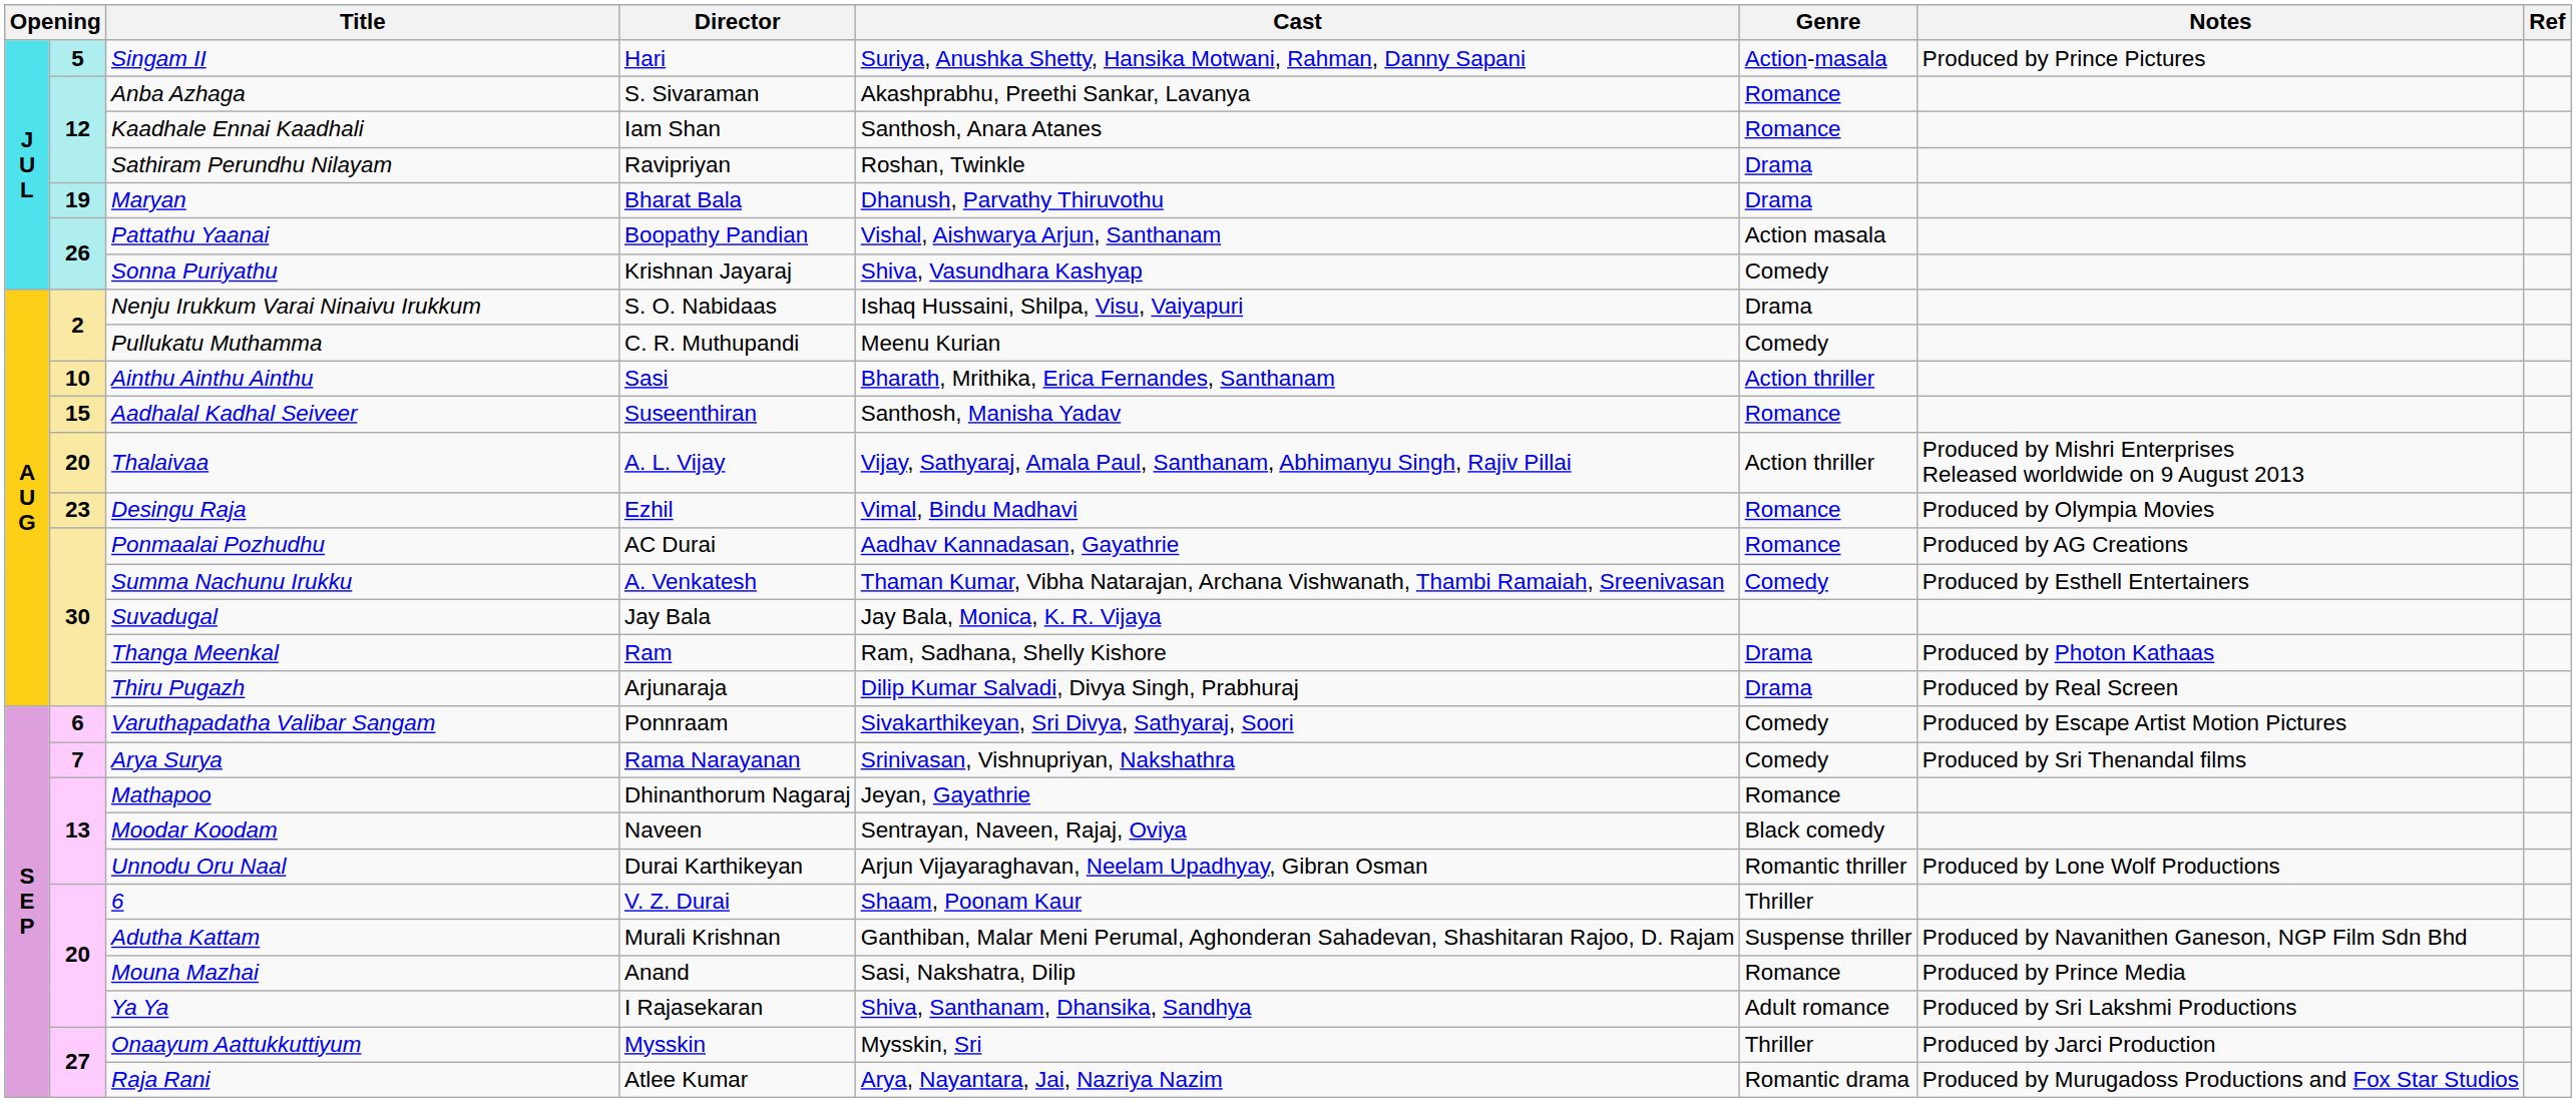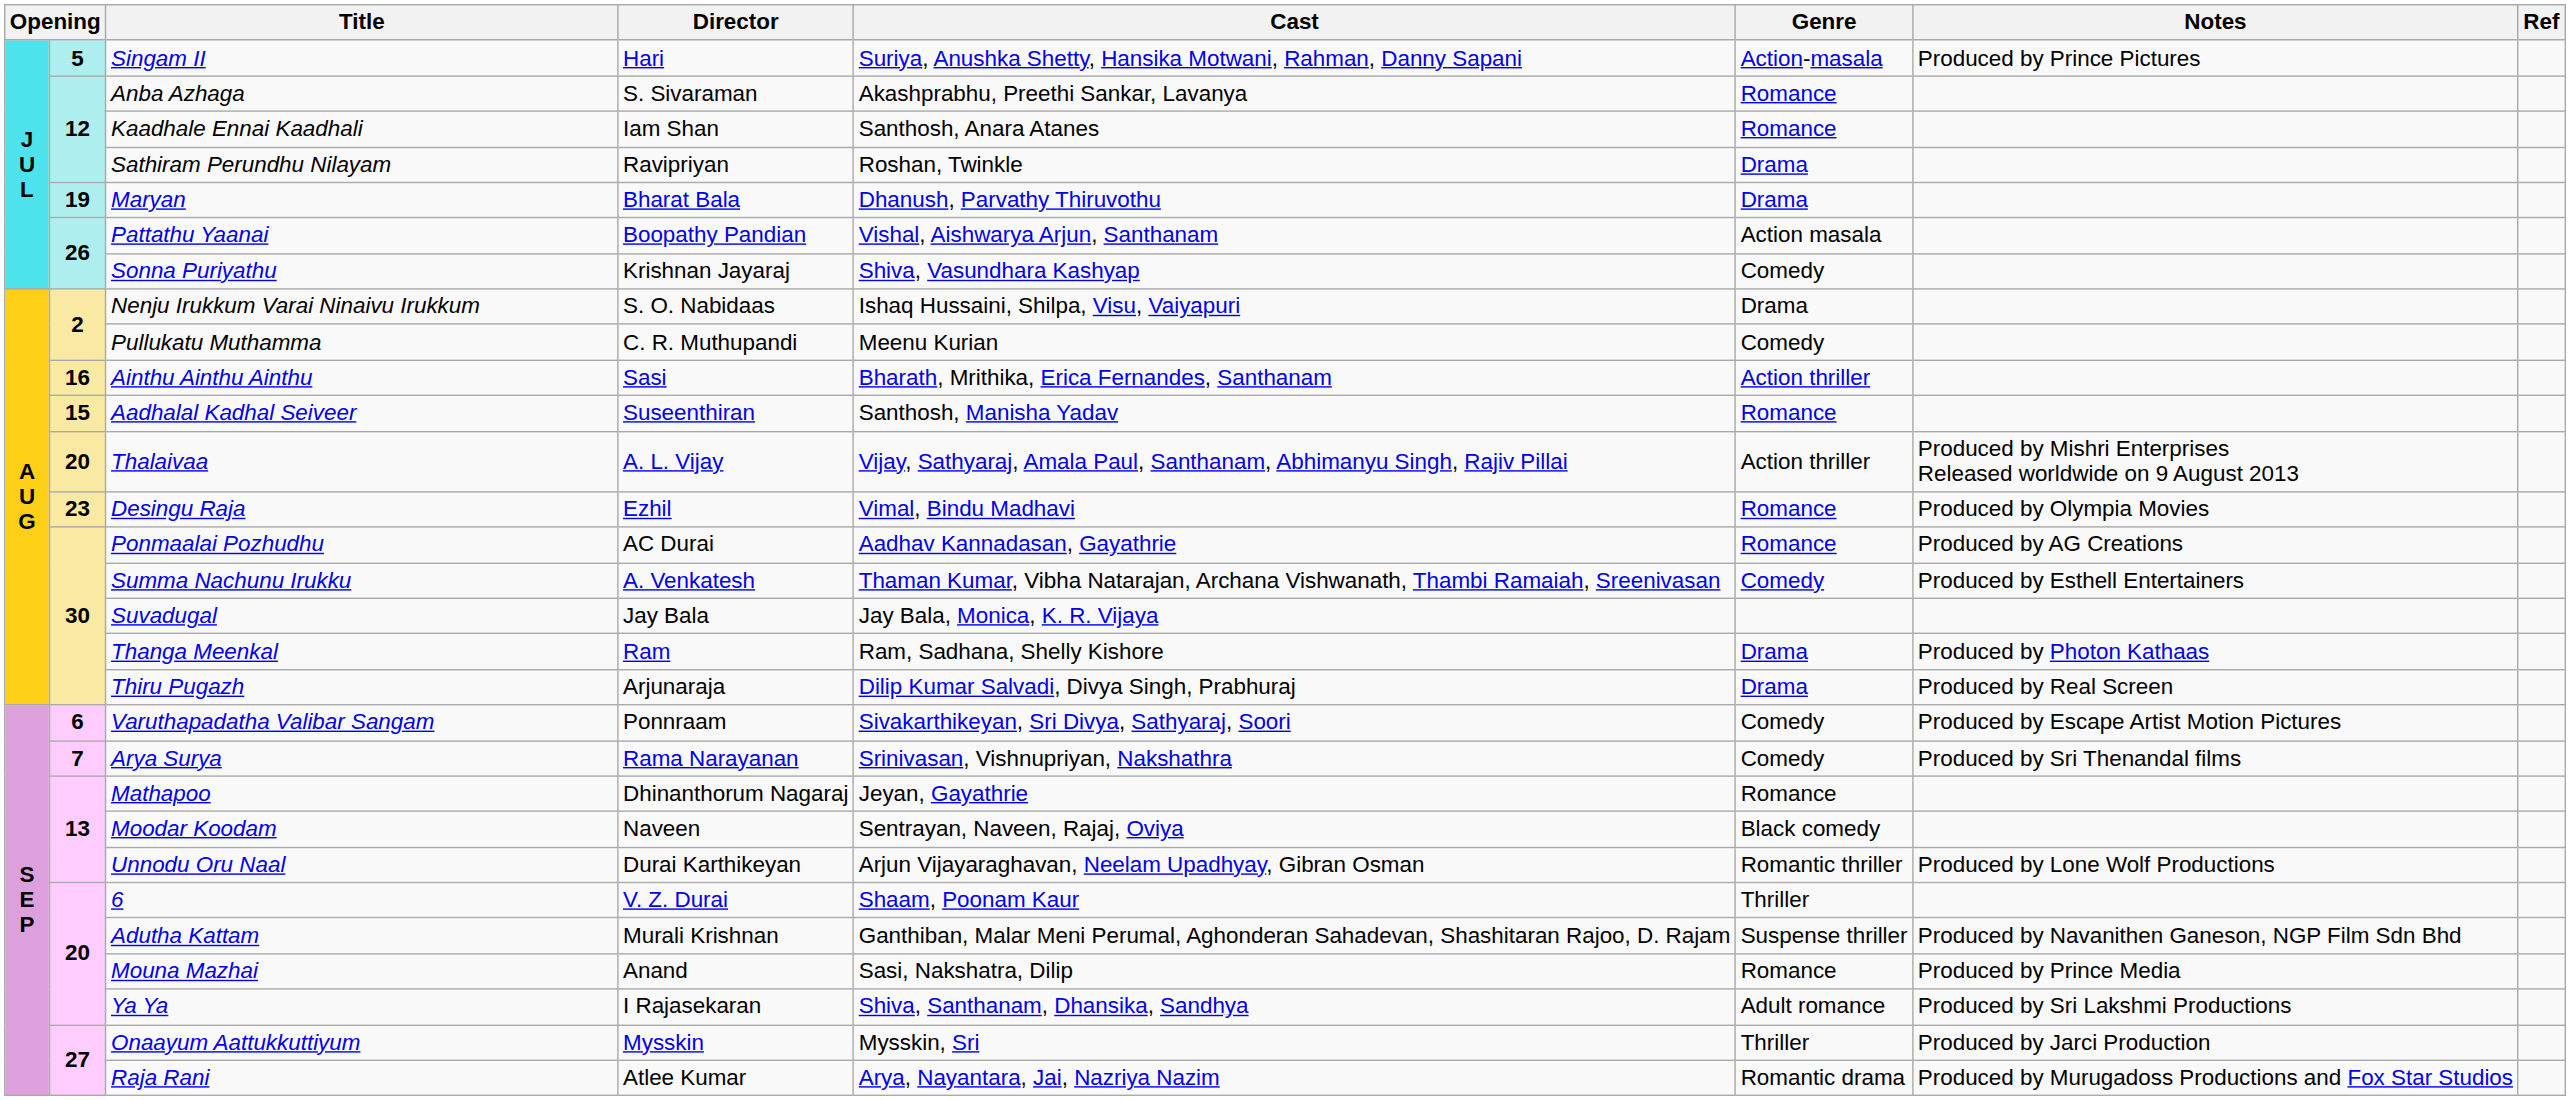 <table class="wikitable" id="wikitable-20130907">
 <tr style="background:#b0e0e6; text-align:center;">
 <th colspan="2"><strong>Opening</strong></th>
 <th style="width:20%;"><strong>Title</strong></th>
 <th>Director</th>
 <th>Cast</th>
 <th>Genre</th>
 <th>Notes</th>
 <th>Ref</th>
 </tr>
 <tr July!>
 <td rowspan="7"   style="text-align:center; background:#4EE2EC; textcolor:#000;"><strong>J<br>U<br>L</strong></td>
 <td style="text-align:center; background:#afeeee;"><strong>5</strong></td>
 <td><em><a href='#'>Singam II</a></em></td>
 <td><a href='#'>Hari</a></td>
 <td><a href='#'>Suriya</a>, <a href='#'>Anushka Shetty</a>, <a href='#'>Hansika Motwani</a>, <a href='#'>Rahman</a>, <a href='#'>Danny Sapani</a></td>
 <td><a href='#'>Action</a>-<a href='#'>masala</a></td>
 <td>Produced by Prince Pictures</td>
 <td></td>
 </tr>
 <tr>
 <td rowspan="3" style="text-align:center; background:#afeeee;"><strong>12</strong></td>
 <td><em>Anba Azhaga</em></td>
 <td>S. Sivaraman</td>
 <td>Akashprabhu, Preethi Sankar, Lavanya</td>
 <td><a href='#'>Romance</a></td>
 <td></td>
 <td></td>
 </tr>
 <tr>
 <td><em>Kaadhale Ennai Kaadhali</em></td>
 <td>Iam Shan</td>
 <td>Santhosh, Anara Atanes</td>
 <td><a href='#'>Romance</a></td>
 <td></td>
 <td></td>
 </tr>
 <tr>
 <td><em>Sathiram Perundhu Nilayam</em></td>
 <td>Ravipriyan</td>
 <td>Roshan, Twinkle</td>
 <td><a href='#'>Drama</a></td>
 <td></td>
 <td></td>
 </tr>
 <tr>
 <td style="text-align:center; background:#afeeee;"><strong>19</strong></td>
 <td><em><a href='#'>Maryan</a></em></td>
 <td><a href='#'>Bharat Bala</a></td>
 <td><a href='#'>Dhanush</a>, <a href='#'>Parvathy Thiruvothu</a></td>
 <td><a href='#'>Drama</a></td>
 <td></td>
 <td></td>
 </tr>
 <tr>
 <td rowspan="2" style="text-align:center; background:#afeeee;"><strong>26</strong></td>
 <td><em><a href='#'>Pattathu Yaanai</a></em></td>
 <td><a href='#'>Boopathy Pandian</a></td>
 <td><a href='#'>Vishal</a>, <a href='#'>Aishwarya Arjun</a>, <a href='#'>Santhanam</a></td>
 <td>Action masala</td>
 <td></td>
 <td></td>
 </tr>
 <tr>
 <td><em><a href='#'>Sonna Puriyathu</a></em></td>
 <td>Krishnan Jayaraj</td>
 <td><a href='#'>Shiva</a>, <a href='#'>Vasundhara Kashyap</a></td>
 <td>Comedy</td>
 <td></td>
 <td></td>
 </tr>
 <tr August!>
 <td rowspan="11"   style="text-align:center; background:#FDD017; textcolor:#000;"><strong>A<br>U<br>G</strong></td>
 <td rowspan="2" style="text-align:center; background:#FAE9A3;"><strong>2</strong></td>
 <td><em>Nenju Irukkum Varai Ninaivu Irukkum</em></td>
 <td>S. O. Nabidaas</td>
 <td>Ishaq Hussaini, Shilpa, <a href='#'>Visu</a>, <a href='#'>Vaiyapuri</a></td>
 <td>Drama</td>
 <td></td>
 <td></td>
 </tr>
 <tr>
 <td><em>Pullukatu Muthamma</em></td>
 <td>C. R. Muthupandi</td>
 <td>Meenu Kurian</td>
 <td>Comedy</td>
 <td></td>
 <td></td>
 </tr>
 <tr>
-<td style="text-align:center; background:#FAE9A3;"><strong>10</strong></td>
+<td style="text-align:center; background:#FAE9A3;"><strong>16</strong></td>
 <td><em><a href='#'>Ainthu Ainthu Ainthu</a></em></td>
 <td><a href='#'>Sasi</a></td>
 <td><a href='#'>Bharath</a>, Mrithika, <a href='#'>Erica Fernandes</a>, <a href='#'>Santhanam</a></td>
 <td><a href='#'>Action thriller</a></td>
 <td></td>
 <td></td>
 </tr>
 <tr>
 <td style="text-align:center; background:#FAE9A3;"><strong>15</strong></td>
 <td><em><a href='#'>Aadhalal Kadhal Seiveer</a></em></td>
 <td><a href='#'>Suseenthiran</a></td>
 <td>Santhosh, <a href='#'>Manisha Yadav</a></td>
 <td><a href='#'>Romance</a></td>
 <td></td>
 <td></td>
 </tr>
 <tr>
 <td style="text-align:center; background:#FAE9A3;"><strong>20</strong></td>
 <td><em><a href='#'>Thalaivaa</a></em></td>
 <td><a href='#'>A. L. Vijay</a></td>
 <td><a href='#'>Vijay</a>, <a href='#'>Sathyaraj</a>, <a href='#'>Amala Paul</a>, <a href='#'>Santhanam</a>, <a href='#'>Abhimanyu Singh</a>, <a href='#'>Rajiv Pillai</a></td>
 <td>Action thriller</td>
 <td>Produced by Mishri Enterprises<br>Released worldwide on 9 August 2013</td>
 <td></td>
 </tr>
 <tr>
 <td style="text-align:center; background:#FAE9A3;"><strong>23</strong></td>
 <td><em><a href='#'>Desingu Raja</a></em></td>
 <td><a href='#'>Ezhil</a></td>
 <td><a href='#'>Vimal</a>, <a href='#'>Bindu Madhavi</a></td>
 <td><a href='#'>Romance</a></td>
 <td>Produced by Olympia Movies</td>
 <td></td>
 </tr>
 <tr>
 <td rowspan="5" style="text-align:center; background:#FAE9A3;"><strong>30</strong></td>
 <td><em><a href='#'>Ponmaalai Pozhudhu</a></em></td>
 <td>AC Durai</td>
 <td><a href='#'>Aadhav Kannadasan</a>, <a href='#'>Gayathrie</a></td>
 <td><a href='#'>Romance</a></td>
 <td>Produced by AG Creations</td>
 <td></td>
 </tr>
 <tr>
 <td><em><a href='#'>Summa Nachunu Irukku</a></em></td>
 <td><a href='#'>A. Venkatesh</a></td>
 <td><a href='#'>Thaman Kumar</a>, Vibha Natarajan, Archana Vishwanath, <a href='#'>Thambi Ramaiah</a>, <a href='#'>Sreenivasan</a></td>
 <td><a href='#'>Comedy</a></td>
 <td>Produced by Esthell Entertainers</td>
 <td></td>
 </tr>
 <tr>
 <td><em><a href='#'>Suvadugal</a></em></td>
 <td>Jay Bala</td>
 <td>Jay Bala, <a href='#'>Monica</a>, <a href='#'>K. R. Vijaya</a></td>
 <td></td>
 <td></td>
 <td></td>
 </tr>
 <tr>
 <td><em><a href='#'>Thanga Meenkal</a></em></td>
 <td><a href='#'>Ram</a></td>
 <td>Ram, Sadhana, Shelly Kishore</td>
 <td><a href='#'>Drama</a></td>
 <td>Produced by <a href='#'>Photon Kathaas</a></td>
 <td></td>
 </tr>
 <tr>
 <td><em><a href='#'>Thiru Pugazh</a></em></td>
 <td>Arjunaraja</td>
 <td><a href='#'>Dilip Kumar Salvadi</a>, Divya Singh, Prabhuraj</td>
 <td><a href='#'>Drama</a></td>
 <td>Produced by Real Screen</td>
 <td></td>
 </tr>
 <tr September!>
 <td rowspan="11"   style="text-align:center; background:plum; textcolor:#000;"><strong>S<br>E<br>P</strong></td>
 <td style="text-align:center; background:#fcf;"><strong>6</strong></td>
 <td><em><a href='#'>Varuthapadatha Valibar Sangam</a></em></td>
 <td>Ponnraam</td>
 <td><a href='#'>Sivakarthikeyan</a>, <a href='#'>Sri Divya</a>, <a href='#'>Sathyaraj</a>, <a href='#'>Soori</a></td>
 <td>Comedy</td>
 <td>Produced by Escape Artist Motion Pictures</td>
 <td></td>
 </tr>
 <tr>
 <td style="text-align:center; background:#fcf;"><strong>7</strong></td>
 <td><em><a href='#'>Arya Surya</a></em></td>
 <td><a href='#'>Rama Narayanan</a></td>
 <td><a href='#'>Srinivasan</a>, Vishnupriyan, <a href='#'>Nakshathra</a></td>
 <td>Comedy</td>
 <td>Produced by Sri Thenandal films</td>
 <td></td>
 </tr>
 <tr>
 <td rowspan="3" style="text-align:center; background:#fcf;"><strong>13</strong></td>
 <td><em><a href='#'>Mathapoo</a></em></td>
 <td>Dhinanthorum Nagaraj</td>
 <td>Jeyan, <a href='#'>Gayathrie</a></td>
 <td>Romance</td>
 <td></td>
 <td></td>
 </tr>
 <tr>
 <td><em><a href='#'>Moodar Koodam</a></em></td>
 <td>Naveen</td>
 <td>Sentrayan, Naveen, Rajaj, <a href='#'>Oviya</a></td>
 <td>Black comedy</td>
 <td></td>
 <td></td>
 </tr>
 <tr>
 <td><em><a href='#'>Unnodu Oru Naal</a></em></td>
 <td>Durai Karthikeyan</td>
 <td>Arjun Vijayaraghavan, <a href='#'>Neelam Upadhyay</a>, Gibran Osman</td>
 <td>Romantic thriller</td>
 <td>Produced by Lone Wolf Productions</td>
 <td></td>
 </tr>
 <tr>
 <td rowspan="4" style="text-align:center; background:#fcf;"><strong>20</strong></td>
 <td><em><a href='#'>6</a></em></td>
 <td><a href='#'>V. Z. Durai</a></td>
 <td><a href='#'>Shaam</a>, <a href='#'>Poonam Kaur</a></td>
 <td>Thriller</td>
 <td></td>
 <td></td>
 </tr>
 <tr>
 <td><em><a href='#'>Adutha Kattam</a></em></td>
 <td>Murali Krishnan</td>
 <td>Ganthiban, Malar Meni Perumal, Aghonderan Sahadevan, Shashitaran Rajoo, D. Rajam</td>
 <td>Suspense thriller</td>
 <td>Produced by Navanithen Ganeson, NGP Film Sdn Bhd</td>
 <td></td>
 </tr>
 <tr>
 <td><em><a href='#'>Mouna Mazhai</a></em></td>
 <td>Anand</td>
 <td>Sasi, Nakshatra, Dilip</td>
 <td>Romance</td>
 <td>Produced by Prince Media</td>
 <td></td>
 </tr>
 <tr>
 <td><em><a href='#'>Ya Ya</a></em></td>
 <td>I Rajasekaran</td>
 <td><a href='#'>Shiva</a>, <a href='#'>Santhanam</a>, <a href='#'>Dhansika</a>, <a href='#'>Sandhya</a></td>
 <td>Adult romance</td>
 <td>Produced by Sri Lakshmi Productions</td>
 <td></td>
 </tr>
 <tr>
 <td rowspan="2" style="text-align:center; background:#fcf;"><strong>27</strong></td>
 <td><em><a href='#'>Onaayum Aattukkuttiyum</a></em></td>
 <td><a href='#'>Mysskin</a></td>
 <td>Mysskin, <a href='#'>Sri</a></td>
 <td>Thriller</td>
 <td>Produced by Jarci Production</td>
 <td></td>
 </tr>
 <tr>
 <td><em><a href='#'>Raja Rani</a></em></td>
 <td>Atlee Kumar</td>
 <td><a href='#'>Arya</a>, <a href='#'>Nayantara</a>, <a href='#'>Jai</a>, <a href='#'>Nazriya Nazim</a></td>
 <td>Romantic drama</td>
 <td>Produced by Murugadoss Productions and <a href='#'>Fox Star Studios</a></td>
 <td></td>
 </tr>
 </table>
